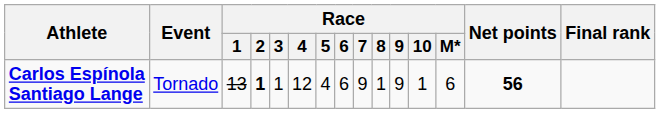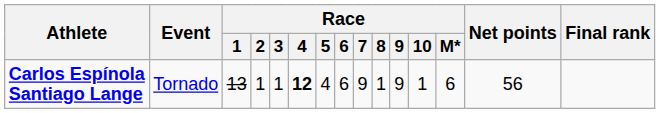 <table class="wikitable" style="font-size:90%">
 <tr>
 <th rowspan="2">Athlete</th>
 <th rowspan="2">Event</th>
 <th colspan=11>Race</th>
 <th rowspan=2>Net points</th>
 <th rowspan=2>Final rank</th>
 </tr>
 <tr style="font-size:95%">
 <th>1</th>
 <th>2</th>
 <th>3</th>
 <th>4</th>
 <th>5</th>
 <th>6</th>
 <th>7</th>
 <th>8</th>
 <th>9</th>
 <th>10</th>
 <th>M*</th>
 </tr>
 <tr align=center>
 <td align=left><strong><a href='#'>Carlos Espínola</a><br><a href='#'>Santiago Lange</a></strong></td>
 <td align=left><a href='#'>Tornado</a></td>
 <td><s>13</s></td>
-<td><strong>1</strong></td>
 <td>1</td>
-<td>12</td>
+<td>1</td>
+<td><strong>12</strong></td>
 <td>4</td>
 <td>6</td>
 <td>9</td>
 <td>1</td>
 <td>9</td>
 <td>1</td>
 <td>6</td>
-<td><strong>56</strong></td>
+<td>56</td>
 <td></td>
 </tr>
 </table>
